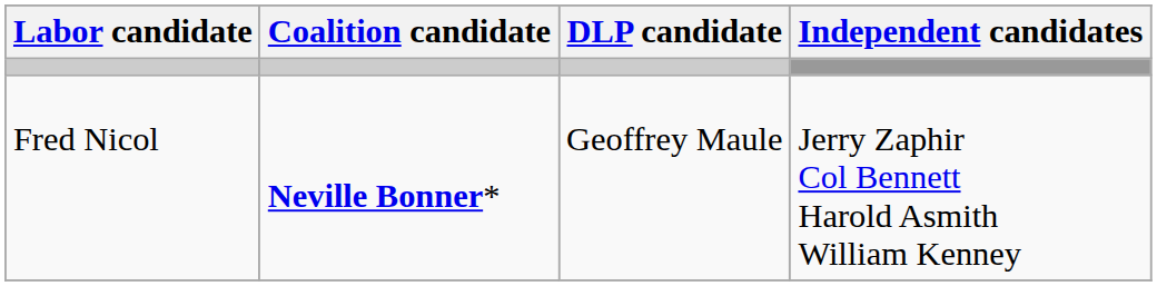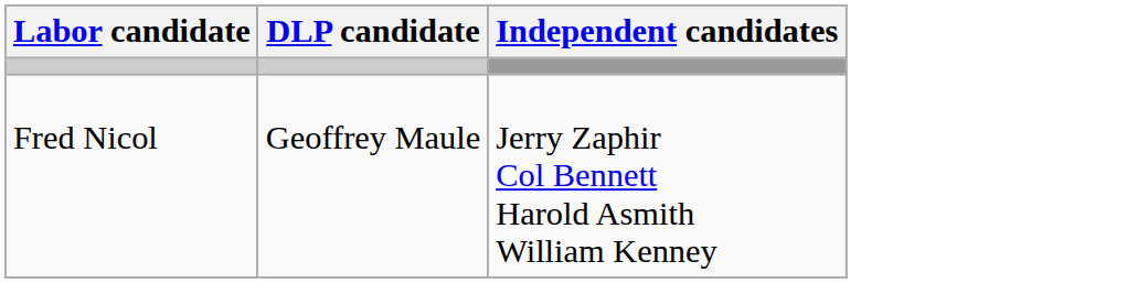 <table class="wikitable">
 <tr>
 <th><a href='#'>Labor</a> candidate</th>
-<th><a href='#'>Coalition</a> candidate</th>
 <th><a href='#'>DLP</a> candidate</th>
 <th><a href='#'>Independent</a> candidates</th>
 </tr>
 <tr bgcolor="#cccccc">
 <td></td>
 <td></td>
-<td></td>
 <td bgcolor="#999999"></td>
 </tr>
 <tr>
 <td valign=top><br>Fred Nicol</td>
-<td><br><strong><a href='#'>Neville Bonner</a></strong>*</td>
 <td valign=top><br>Geoffrey Maule</td>
 <td valign=top><br>Jerry Zaphir<br> <a href='#'>Col Bennett</a><br> Harold Asmith<br> William Kenney</td>
 </tr>
 </table>
